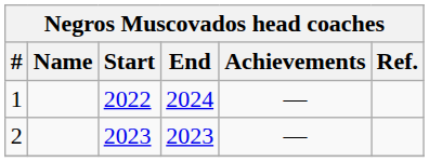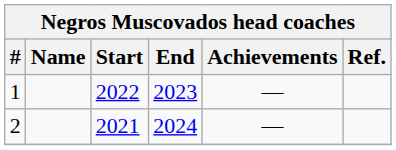 <table class="wikitable sortable">
 <tr>
 <th colspan="6">Negros Muscovados head coaches</th>
 </tr>
 <tr>
 <th>#</th>
 <th>Name</th>
 <th>Start</th>
 <th>End</th>
 <th>Achievements</th>
 <th>Ref.</th>
 </tr>
 <tr>
 <td align=center>1</td>
 <td></td>
 <td><a href='#'>2022</a></td>
-<td><a href='#'>2024</a></td>
+<td><a href='#'>2023</a></td>
 <td align=center>—</td>
 <td></td>
 </tr>
 <tr>
 <td align=center>2</td>
 <td></td>
-<td><a href='#'>2023</a></td>
-<td><a href='#'>2023</a></td>
+<td><a href='#'>2021</a></td>
+<td><a href='#'>2024</a></td>
 <td align=center>—</td>
 <td></td>
 </tr>
 <tr>
 </tr>
 </table>
